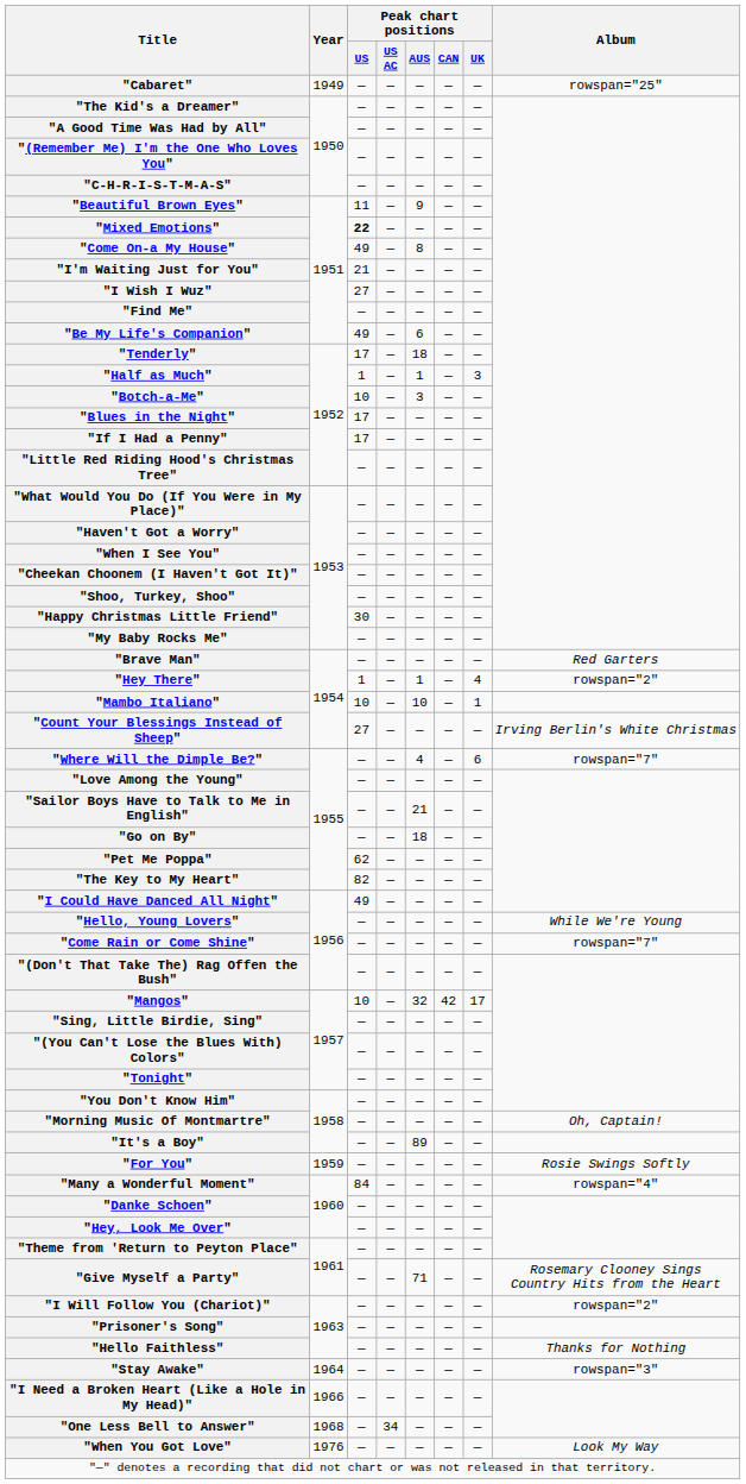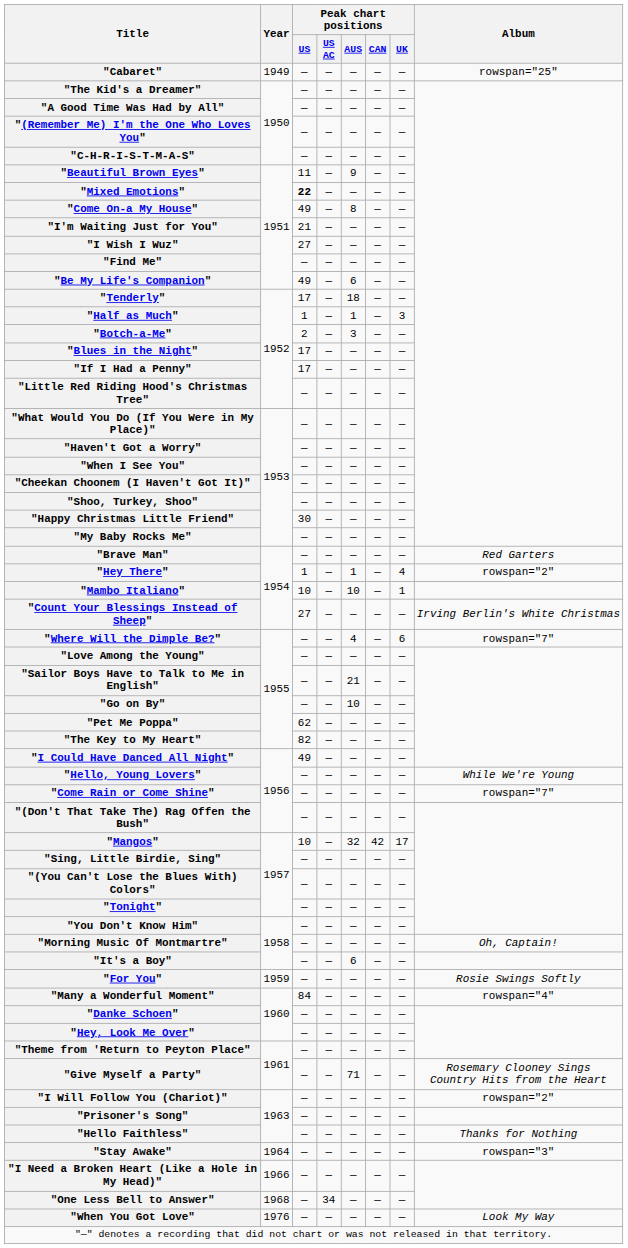 <table class="wikitable plainrowheaders" style="text-align:center;" border="1">
 <tr>
 <th scope="col" rowspan="2" style="width:23em;">Title</th>
 <th scope="col" rowspan="2">Year</th>
 <th scope="col" colspan="5">Peak chart positions</th>
 <th scope="col" rowspan="2">Album</th>
 </tr>
 <tr>
 <th scope="col" style="width:2em;font-size:90%;"><a href='#'>US</a><br></th>
 <th scope="col" style="width:2em;font-size:90%;"><a href='#'>US AC</a><br></th>
 <th scope="col" style="width:2em;font-size:90%;"><a href='#'>AUS</a><br></th>
 <th scope="col" style="width:2em;font-size:90%;"><a href='#'>CAN</a><br></th>
 <th scope="col" style="width:2em;font-size:90%;"><a href='#'>UK</a><br></th>
 </tr>
 <tr>
 <th scope="row">"Cabaret"</th>
 <td>1949</td>
 <td>—</td>
 <td>—</td>
 <td>—</td>
 <td>—</td>
 <td>—</td>
 <td>rowspan="25" </td>
 </tr>
 <tr>
 <th scope="row">"The Kid's a Dreamer"</th>
 <td rowspan="4">1950</td>
 <td>—</td>
 <td>—</td>
 <td>—</td>
 <td>—</td>
 <td>—</td>
 </tr>
 <tr>
 <th scope="row">"A Good Time Was Had by All"</th>
 <td>—</td>
 <td>—</td>
 <td>—</td>
 <td>—</td>
 <td>—</td>
 </tr>
 <tr>
 <th scope="row">"<a href='#'>(Remember Me) I'm the One Who Loves You</a>"</th>
 <td>—</td>
 <td>—</td>
 <td>—</td>
 <td>—</td>
 <td>—</td>
 </tr>
 <tr>
 <th scope="row">"C-H-R-I-S-T-M-A-S"</th>
 <td>—</td>
 <td>—</td>
 <td>—</td>
 <td>—</td>
 <td>—</td>
 </tr>
 <tr>
 <th scope="row">"<a href='#'>Beautiful Brown Eyes</a>"</th>
 <td rowspan="7">1951</td>
 <td>11</td>
 <td>—</td>
 <td>9</td>
 <td>—</td>
 <td>—</td>
 </tr>
 <tr>
 <th scope="row">"<a href='#'>Mixed Emotions</a>"</th>
 <td><strong>22</strong></td>
 <td>—</td>
 <td>—</td>
 <td>—</td>
 <td>—</td>
 </tr>
 <tr>
 <th scope="row">"<a href='#'>Come On-a My House</a>"</th>
 <td>49</td>
 <td>—</td>
 <td>8</td>
 <td>—</td>
 <td>—</td>
 </tr>
 <tr>
 <th scope="row">"I'm Waiting Just for You"</th>
 <td>21</td>
 <td>—</td>
 <td>—</td>
 <td>—</td>
 <td>—</td>
 </tr>
 <tr>
 <th scope="row">"I Wish I Wuz"</th>
 <td>27</td>
 <td>—</td>
 <td>—</td>
 <td>—</td>
 <td>—</td>
 </tr>
 <tr>
 <th scope="row">"Find Me"</th>
 <td>—</td>
 <td>—</td>
 <td>—</td>
 <td>—</td>
 <td>—</td>
 </tr>
 <tr>
 <th scope="row">"<a href='#'>Be My Life's Companion</a>"</th>
 <td>49</td>
 <td>—</td>
 <td>6</td>
 <td>—</td>
 <td>—</td>
 </tr>
 <tr>
 <th scope="row">"<a href='#'>Tenderly</a>"</th>
 <td rowspan="6">1952</td>
 <td>17</td>
 <td>—</td>
 <td>18</td>
 <td>—</td>
 <td>—</td>
 </tr>
 <tr>
 <th scope="row">"<a href='#'>Half as Much</a>"</th>
 <td>1</td>
 <td>—</td>
 <td>1</td>
 <td>—</td>
 <td>3</td>
 </tr>
 <tr>
 <th scope="row">"<a href='#'>Botch-a-Me</a>"</th>
-<td>10</td>
+<td>2</td>
 <td>—</td>
 <td>3</td>
 <td>—</td>
 <td>—</td>
 </tr>
 <tr>
 <th scope="row">"<a href='#'>Blues in the Night</a>"</th>
 <td>17</td>
 <td>—</td>
 <td>—</td>
 <td>—</td>
 <td>—</td>
 </tr>
 <tr>
 <th scope="row">"If I Had a Penny"</th>
 <td>17</td>
 <td>—</td>
 <td>—</td>
 <td>—</td>
 <td>—</td>
 </tr>
 <tr>
 <th scope="row">"Little Red Riding Hood's Christmas Tree"</th>
 <td>—</td>
 <td>—</td>
 <td>—</td>
 <td>—</td>
 <td>—</td>
 </tr>
 <tr>
 <th scope="row">"What Would You Do (If You Were in My Place)"</th>
 <td rowspan="7">1953</td>
 <td>—</td>
 <td>—</td>
 <td>—</td>
 <td>—</td>
 <td>—</td>
 </tr>
 <tr>
 <th scope="row">"Haven't Got a Worry"</th>
 <td>—</td>
 <td>—</td>
 <td>—</td>
 <td>—</td>
 <td>—</td>
 </tr>
 <tr>
 <th scope="row">"When I See You"</th>
 <td>—</td>
 <td>—</td>
 <td>—</td>
 <td>—</td>
 <td>—</td>
 </tr>
 <tr>
 <th scope="row">"Cheekan Choonem (I Haven't Got It)"</th>
 <td>—</td>
 <td>—</td>
 <td>—</td>
 <td>—</td>
 <td>—</td>
 </tr>
 <tr>
 <th scope="row">"Shoo, Turkey, Shoo"</th>
 <td>—</td>
 <td>—</td>
 <td>—</td>
 <td>—</td>
 <td>—</td>
 </tr>
 <tr>
 <th scope="row">"Happy Christmas Little Friend"</th>
 <td>30</td>
 <td>—</td>
 <td>—</td>
 <td>—</td>
 <td>—</td>
 </tr>
 <tr>
 <th scope="row">"My Baby Rocks Me"</th>
 <td>—</td>
 <td>—</td>
 <td>—</td>
 <td>—</td>
 <td>—</td>
 </tr>
 <tr>
 <th scope="row">"Brave Man"</th>
 <td rowspan="4">1954</td>
 <td>—</td>
 <td>—</td>
 <td>—</td>
 <td>—</td>
 <td>—</td>
 <td><em>Red Garters</em></td>
 </tr>
 <tr>
 <th scope="row">"<a href='#'>Hey There</a>"</th>
 <td>1</td>
 <td>—</td>
 <td>1</td>
 <td>—</td>
 <td>4</td>
 <td>rowspan="2" </td>
 </tr>
 <tr>
 <th scope="row">"<a href='#'>Mambo Italiano</a>"</th>
 <td>10</td>
 <td>—</td>
 <td>10</td>
 <td>—</td>
 <td>1</td>
 </tr>
 <tr>
 <th scope="row">"<a href='#'>Count Your Blessings Instead of Sheep</a>"</th>
 <td>27</td>
 <td>—</td>
 <td>—</td>
 <td>—</td>
 <td>—</td>
 <td><em>Irving Berlin's White Christmas</em></td>
 </tr>
 <tr>
 <th scope="row">"<a href='#'>Where Will the Dimple Be?</a>"</th>
 <td rowspan="6">1955</td>
 <td>—</td>
 <td>—</td>
 <td>4</td>
 <td>—</td>
 <td>6</td>
 <td>rowspan="7" </td>
 </tr>
 <tr>
 <th scope="row">"Love Among the Young"</th>
 <td>—</td>
 <td>—</td>
 <td>—</td>
 <td>—</td>
 <td>—</td>
 </tr>
 <tr>
 <th scope="row">"Sailor Boys Have to Talk to Me in English"</th>
 <td>—</td>
 <td>—</td>
 <td>21</td>
 <td>—</td>
 <td>—</td>
 </tr>
 <tr>
 <th scope="row">"Go on By"</th>
 <td>—</td>
 <td>—</td>
-<td>18</td>
+<td>10</td>
 <td>—</td>
 <td>—</td>
 </tr>
 <tr>
 <th scope="row">"Pet Me Poppa"</th>
 <td>62</td>
 <td>—</td>
 <td>—</td>
 <td>—</td>
 <td>—</td>
 </tr>
 <tr>
 <th scope="row">"The Key to My Heart"</th>
 <td>82</td>
 <td>—</td>
 <td>—</td>
 <td>—</td>
 <td>—</td>
 </tr>
 <tr>
 <th scope="row">"<a href='#'>I Could Have Danced All Night</a>"</th>
 <td rowspan="4">1956</td>
 <td>49</td>
 <td>—</td>
 <td>—</td>
 <td>—</td>
 <td>—</td>
 </tr>
 <tr>
 <th scope="row">"<a href='#'>Hello, Young Lovers</a>"</th>
 <td>—</td>
 <td>—</td>
 <td>—</td>
 <td>—</td>
 <td>—</td>
 <td><em>While We're Young</em></td>
 </tr>
 <tr>
 <th scope="row">"<a href='#'>Come Rain or Come Shine</a>"</th>
 <td>—</td>
 <td>—</td>
 <td>—</td>
 <td>—</td>
 <td>—</td>
 <td>rowspan="7" </td>
 </tr>
 <tr>
 <th scope="row">"(Don't That Take The) Rag Offen the Bush"</th>
 <td>—</td>
 <td>—</td>
 <td>—</td>
 <td>—</td>
 <td>—</td>
 </tr>
 <tr>
 <th scope="row">"<a href='#'>Mangos</a>"</th>
 <td rowspan="4">1957</td>
 <td>10</td>
 <td>—</td>
 <td>32</td>
 <td>42</td>
 <td>17</td>
 </tr>
 <tr>
 <th scope="row">"Sing, Little Birdie, Sing"</th>
 <td>—</td>
 <td>—</td>
 <td>—</td>
 <td>—</td>
 <td>—</td>
 </tr>
 <tr>
 <th scope="row">"(You Can't Lose the Blues With) Colors"</th>
 <td>—</td>
 <td>—</td>
 <td>—</td>
 <td>—</td>
 <td>—</td>
 </tr>
 <tr>
 <th scope="row">"<a href='#'>Tonight</a>"</th>
 <td>—</td>
 <td>—</td>
 <td>—</td>
 <td>—</td>
 <td>—</td>
 </tr>
 <tr>
 <th scope="row">"You Don't Know Him"</th>
 <td rowspan="3">1958</td>
 <td>—</td>
 <td>—</td>
 <td>—</td>
 <td>—</td>
 <td>—</td>
 </tr>
 <tr>
 <th scope="row">"Morning Music Of Montmartre"</th>
 <td>—</td>
 <td>—</td>
 <td>—</td>
 <td>—</td>
 <td>—</td>
 <td><em>Oh, Captain!</em></td>
 </tr>
 <tr>
 <th scope="row">"It's a Boy"</th>
 <td>—</td>
 <td>—</td>
-<td>89</td>
+<td>6</td>
 <td>—</td>
 <td>—</td>
 <td></td>
 </tr>
 <tr>
 <th scope="row">"<a href='#'>For You</a>"</th>
 <td>1959</td>
 <td>—</td>
 <td>—</td>
 <td>—</td>
 <td>—</td>
 <td>—</td>
 <td><em>Rosie Swings Softly</em></td>
 </tr>
 <tr>
 <th scope="row">"Many a Wonderful Moment"</th>
 <td rowspan="3">1960</td>
 <td>84</td>
 <td>—</td>
 <td>—</td>
 <td>—</td>
 <td>—</td>
 <td>rowspan="4" </td>
 </tr>
 <tr>
 <th scope="row">"<a href='#'>Danke Schoen</a>"</th>
 <td>—</td>
 <td>—</td>
 <td>—</td>
 <td>—</td>
 <td>—</td>
 </tr>
 <tr>
 <th scope="row">"<a href='#'>Hey, Look Me Over</a>"</th>
 <td>—</td>
 <td>—</td>
 <td>—</td>
 <td>—</td>
 <td>—</td>
 </tr>
 <tr>
 <th scope="row">"Theme from 'Return to Peyton Place"</th>
 <td rowspan="2">1961</td>
 <td>—</td>
 <td>—</td>
 <td>—</td>
 <td>—</td>
 <td>—</td>
 </tr>
 <tr>
 <th scope="row">"Give Myself a Party"</th>
 <td>—</td>
 <td>—</td>
 <td>71</td>
 <td>—</td>
 <td>—</td>
 <td><em>Rosemary Clooney Sings<br>Country Hits from the Heart</em></td>
 </tr>
 <tr>
 <th scope="row">"I Will Follow You (Chariot)"</th>
 <td rowspan="3">1963</td>
 <td>—</td>
 <td>—</td>
 <td>—</td>
 <td>—</td>
 <td>—</td>
 <td>rowspan="2" </td>
 </tr>
 <tr>
 <th scope="row">"Prisoner's Song"</th>
 <td>—</td>
 <td>—</td>
 <td>—</td>
 <td>—</td>
 <td>—</td>
 </tr>
 <tr>
 <th scope="row">"Hello Faithless"</th>
 <td>—</td>
 <td>—</td>
 <td>—</td>
 <td>—</td>
 <td>—</td>
 <td><em>Thanks for Nothing</em></td>
 </tr>
 <tr>
 <th scope="row">"Stay Awake"</th>
 <td>1964</td>
 <td>—</td>
 <td>—</td>
 <td>—</td>
 <td>—</td>
 <td>—</td>
 <td>rowspan="3" </td>
 </tr>
 <tr>
 <th scope="row">"I Need a Broken Heart (Like a Hole in My Head)"</th>
 <td>1966</td>
 <td>—</td>
 <td>—</td>
 <td>—</td>
 <td>—</td>
 <td>—</td>
 </tr>
 <tr>
 <th scope="row">"One Less Bell to Answer"</th>
 <td>1968</td>
 <td>—</td>
 <td>34</td>
 <td>—</td>
 <td>—</td>
 <td>—</td>
 </tr>
 <tr>
 <th scope="row">"When You Got Love"</th>
 <td>1976</td>
 <td>—</td>
 <td>—</td>
 <td>—</td>
 <td>—</td>
 <td>—</td>
 <td><em>Look My Way</em></td>
 </tr>
 <tr>
 <td colspan="8" style="font-size:90%">"—" denotes a recording that did not chart or was not released in that territory.</td>
 </tr>
 </table>
